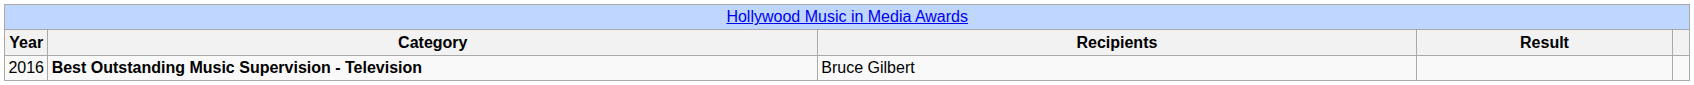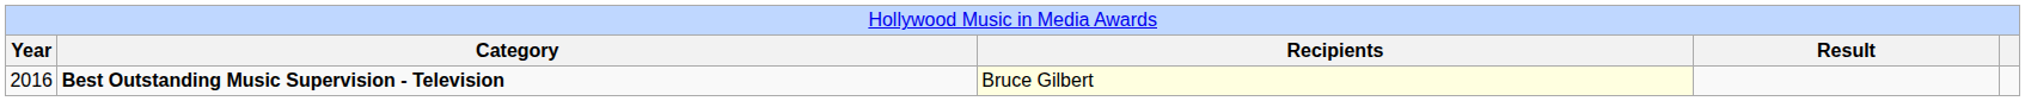 <table class="wikitable plainrowheaders" style="font-size: 100%; width:85%">
 <tr>
 </tr>
 <tr ---- bgcolor="#bfd7ff">
 <td colspan=6 align=center><a href='#'>Hollywood Music in Media Awards</a></td>
 </tr>
 <tr ---- bgcolor="#ebf5ff">
 <th scope="col" style="width:2%;">Year</th>
 <th scope="col" style="width:45%;">Category</th>
 <th scope="col" style="width:35%;">Recipients</th>
 <th scope="col" style="width:15%;">Result</th>
 <th scope="col" class="unsortable" style="width:1%;"></th>
 </tr>
 <tr>
 <td style="text-align:center;">2016</td>
 <td><strong>Best Outstanding Music Supervision - Television</strong></td>
-<td>Bruce Gilbert</td>
+<td style="background: lightyellow;">Bruce Gilbert</td>
 <td></td>
 <td></td>
 </tr>
 </table>
